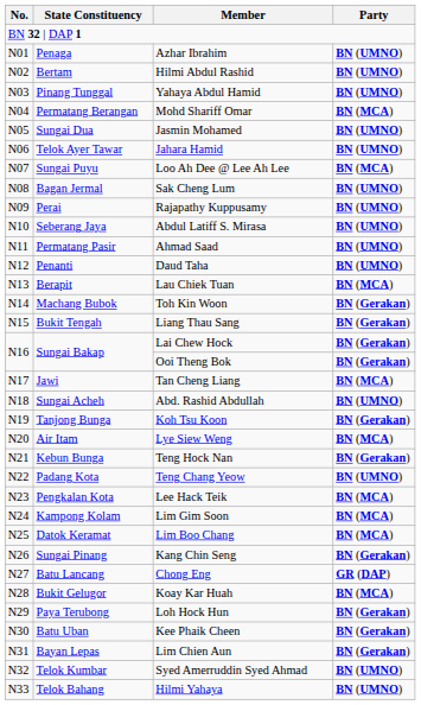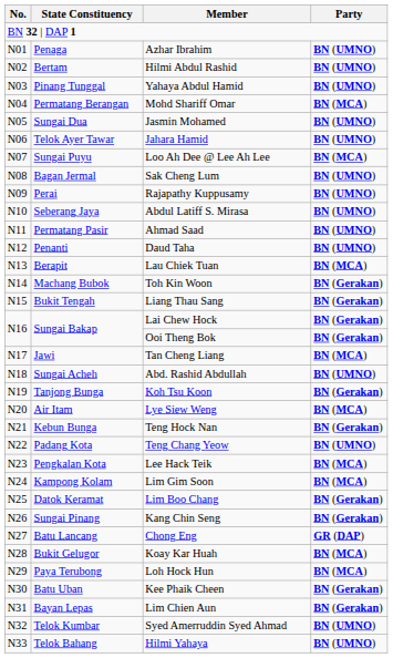 <table class="wikitable sortable">
 <tr>
 <th style="width:30px;">No.</th>
 <th style="width:150px;">State Constituency</th>
 <th style="width:230px;">Member</th>
 <th style="width:100px;">Party</th>
 </tr>
 <tr>
 <td colspan="4"><a href='#'>BN</a> <strong>32</strong> | <a href='#'>DAP</a> <strong>1</strong></td>
 </tr>
 <tr>
 <td>N01</td>
 <td><a href='#'>Penaga</a></td>
 <td>Azhar Ibrahim</td>
 <td><strong><a href='#'>BN</a></strong> (<strong><a href='#'>UMNO</a></strong>)</td>
 </tr>
 <tr>
 <td>N02</td>
 <td><a href='#'>Bertam</a></td>
 <td>Hilmi Abdul Rashid</td>
 <td><strong><a href='#'>BN</a></strong> (<strong><a href='#'>UMNO</a></strong>)</td>
 </tr>
 <tr>
 <td>N03</td>
 <td><a href='#'>Pinang Tunggal</a></td>
 <td>Yahaya Abdul Hamid</td>
 <td><strong><a href='#'>BN</a></strong> (<strong><a href='#'>UMNO</a></strong>)</td>
 </tr>
 <tr>
 <td>N04</td>
 <td><a href='#'>Permatang Berangan</a></td>
 <td>Mohd Shariff Omar</td>
 <td><strong><a href='#'>BN</a></strong> (<strong><a href='#'>MCA</a></strong>)</td>
 </tr>
 <tr>
 <td>N05</td>
 <td><a href='#'>Sungai Dua</a></td>
 <td>Jasmin Mohamed</td>
 <td><strong><a href='#'>BN</a></strong> (<strong><a href='#'>UMNO</a></strong>)</td>
 </tr>
 <tr>
 <td>N06</td>
 <td><a href='#'>Telok Ayer Tawar</a></td>
 <td><a href='#'>Jahara Hamid</a></td>
 <td><strong><a href='#'>BN</a></strong> (<strong><a href='#'>UMNO</a></strong>)</td>
 </tr>
 <tr>
 <td>N07</td>
 <td><a href='#'>Sungai Puyu</a></td>
 <td>Loo Ah Dee @ Lee Ah Lee</td>
 <td><strong><a href='#'>BN</a></strong> (<strong><a href='#'>MCA</a></strong>)</td>
 </tr>
 <tr>
 <td>N08</td>
 <td><a href='#'>Bagan Jermal</a></td>
 <td>Sak Cheng Lum</td>
 <td><strong><a href='#'>BN</a></strong> (<strong><a href='#'>UMNO</a></strong>)</td>
 </tr>
 <tr>
 <td>N09</td>
 <td><a href='#'>Perai</a></td>
 <td>Rajapathy Kuppusamy</td>
 <td><strong><a href='#'>BN</a></strong> (<strong><a href='#'>UMNO</a></strong>)</td>
 </tr>
 <tr>
 <td>N10</td>
 <td><a href='#'>Seberang Jaya</a></td>
 <td>Abdul Latiff S. Mirasa</td>
 <td><strong><a href='#'>BN</a></strong> (<strong><a href='#'>UMNO</a></strong>)</td>
 </tr>
 <tr>
 <td>N11</td>
 <td><a href='#'>Permatang Pasir</a></td>
 <td>Ahmad Saad</td>
 <td><strong><a href='#'>BN</a></strong> (<strong><a href='#'>UMNO</a></strong>)</td>
 </tr>
 <tr>
 <td>N12</td>
 <td><a href='#'>Penanti</a></td>
 <td>Daud Taha</td>
 <td><strong><a href='#'>BN</a></strong> (<strong><a href='#'>UMNO</a></strong>)</td>
 </tr>
 <tr>
 <td>N13</td>
 <td><a href='#'>Berapit</a></td>
 <td>Lau Chiek Tuan</td>
 <td><strong><a href='#'>BN</a></strong> (<strong><a href='#'>MCA</a></strong>)</td>
 </tr>
 <tr>
 <td>N14</td>
 <td><a href='#'>Machang Bubok</a></td>
 <td>Toh Kin Woon</td>
 <td><strong><a href='#'>BN</a></strong> (<strong><a href='#'>Gerakan</a></strong>)</td>
 </tr>
 <tr>
 <td>N15</td>
 <td><a href='#'>Bukit Tengah</a></td>
 <td>Liang Thau Sang</td>
 <td><strong><a href='#'>BN</a></strong> (<strong><a href='#'>Gerakan</a></strong>)</td>
 </tr>
 <tr>
 <td rowspan=2>N16</td>
 <td rowspan=2><a href='#'>Sungai Bakap</a></td>
 <td>Lai Chew Hock </td>
 <td><strong><a href='#'>BN</a></strong> (<strong><a href='#'>Gerakan</a></strong>)</td>
 </tr>
 <tr>
 <td>Ooi Theng Bok </td>
 <td><strong><a href='#'>BN</a></strong> (<strong><a href='#'>Gerakan</a></strong>)</td>
 </tr>
 <tr>
 <td>N17</td>
 <td><a href='#'>Jawi</a></td>
 <td>Tan Cheng Liang</td>
 <td><strong><a href='#'>BN</a></strong> (<strong><a href='#'>MCA</a></strong>)</td>
 </tr>
 <tr>
 <td>N18</td>
 <td><a href='#'>Sungai Acheh</a></td>
 <td>Abd. Rashid Abdullah</td>
 <td><strong><a href='#'>BN</a></strong> (<strong><a href='#'>UMNO</a></strong>)</td>
 </tr>
 <tr>
 <td>N19</td>
 <td><a href='#'>Tanjong Bunga</a></td>
 <td><a href='#'>Koh Tsu Koon</a></td>
 <td><strong><a href='#'>BN</a></strong> (<strong><a href='#'>Gerakan</a></strong>)</td>
 </tr>
 <tr>
 <td>N20</td>
 <td><a href='#'>Air Itam</a></td>
 <td><a href='#'>Lye Siew Weng</a></td>
 <td><strong><a href='#'>BN</a></strong> (<strong><a href='#'>MCA</a></strong>)</td>
 </tr>
 <tr>
 <td>N21</td>
 <td><a href='#'>Kebun Bunga</a></td>
 <td>Teng Hock Nan</td>
 <td><strong><a href='#'>BN</a></strong> (<strong><a href='#'>Gerakan</a></strong>)</td>
 </tr>
 <tr>
 <td>N22</td>
 <td><a href='#'>Padang Kota</a></td>
 <td><a href='#'>Teng Chang Yeow</a></td>
 <td><strong><a href='#'>BN</a></strong> (<strong><a href='#'>UMNO</a></strong>)</td>
 </tr>
 <tr>
 <td>N23</td>
 <td><a href='#'>Pengkalan Kota</a></td>
 <td>Lee Hack Teik</td>
 <td><strong><a href='#'>BN</a></strong> (<strong><a href='#'>MCA</a></strong>)</td>
 </tr>
 <tr>
 <td>N24</td>
 <td><a href='#'>Kampong Kolam</a></td>
 <td>Lim Gim Soon</td>
 <td><strong><a href='#'>BN</a></strong> (<strong><a href='#'>MCA</a></strong>)</td>
 </tr>
 <tr>
 <td>N25</td>
 <td><a href='#'>Datok Keramat</a></td>
 <td><a href='#'>Lim Boo Chang</a></td>
-<td><strong><a href='#'>BN</a></strong> (<strong><a href='#'>MCA</a></strong>)</td>
+<td><strong><a href='#'>BN</a></strong> (<strong><a href='#'>Gerakan</a></strong>)</td>
 </tr>
 <tr>
 <td>N26</td>
 <td><a href='#'>Sungai Pinang</a></td>
 <td>Kang Chin Seng</td>
 <td><strong><a href='#'>BN</a></strong> (<strong><a href='#'>Gerakan</a></strong>)</td>
 </tr>
 <tr>
 <td>N27</td>
 <td><a href='#'>Batu Lancang</a></td>
 <td><a href='#'>Chong Eng</a></td>
 <td><strong><a href='#'>GR</a></strong> (<strong><a href='#'>DAP</a></strong>)</td>
 </tr>
 <tr>
 <td>N28</td>
 <td><a href='#'>Bukit Gelugor</a></td>
 <td>Koay Kar Huah</td>
 <td><strong><a href='#'>BN</a></strong> (<strong><a href='#'>MCA</a></strong>)</td>
 </tr>
 <tr>
 <td>N29</td>
 <td><a href='#'>Paya Terubong</a></td>
 <td>Loh Hock Hun</td>
-<td><strong><a href='#'>BN</a></strong> (<strong><a href='#'>Gerakan</a></strong>)</td>
+<td><strong><a href='#'>BN</a></strong> (<strong><a href='#'>MCA</a></strong>)</td>
 </tr>
 <tr>
 <td>N30</td>
 <td><a href='#'>Batu Uban</a></td>
 <td>Kee Phaik Cheen</td>
 <td><strong><a href='#'>BN</a></strong> (<strong><a href='#'>Gerakan</a></strong>)</td>
 </tr>
 <tr>
 <td>N31</td>
 <td><a href='#'>Bayan Lepas</a></td>
 <td>Lim Chien Aun</td>
 <td><strong><a href='#'>BN</a></strong> (<strong><a href='#'>Gerakan</a></strong>)</td>
 </tr>
 <tr>
 <td>N32</td>
 <td><a href='#'>Telok Kumbar</a></td>
 <td>Syed Amerruddin Syed Ahmad</td>
 <td><strong><a href='#'>BN</a></strong> (<strong><a href='#'>UMNO</a></strong>)</td>
 </tr>
 <tr>
 <td>N33</td>
 <td><a href='#'>Telok Bahang</a></td>
 <td><a href='#'>Hilmi Yahaya</a></td>
 <td><strong><a href='#'>BN</a></strong> (<strong><a href='#'>UMNO</a></strong>)</td>
 </tr>
 </table>
